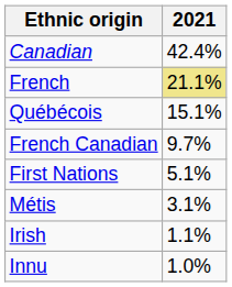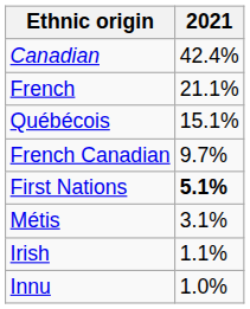 <table class="wikitable" style="float:left;">
 <tr>
 <th>Ethnic origin</th>
 <th>2021</th>
 </tr>
 <tr>
 <td><em><a href='#'>Canadian</a></em></td>
 <td>42.4%</td>
 </tr>
 <tr>
 <td><a href='#'>French</a></td>
-<td style="background: khaki;">21.1%</td>
+<td>21.1%</td>
 </tr>
 <tr>
 <td><a href='#'>Québécois</a></td>
 <td>15.1%</td>
 </tr>
 <tr>
 <td><a href='#'>French Canadian</a></td>
 <td>9.7%</td>
 </tr>
 <tr>
 <td><a href='#'>First Nations</a></td>
-<td>5.1%</td>
+<td><strong>5.1%</strong></td>
 </tr>
 <tr>
 <td><a href='#'>Métis</a></td>
 <td>3.1%</td>
 </tr>
 <tr>
 <td><a href='#'>Irish</a></td>
 <td>1.1%</td>
 </tr>
 <tr>
 <td><a href='#'>Innu</a></td>
 <td>1.0%</td>
 </tr>
 </table>
